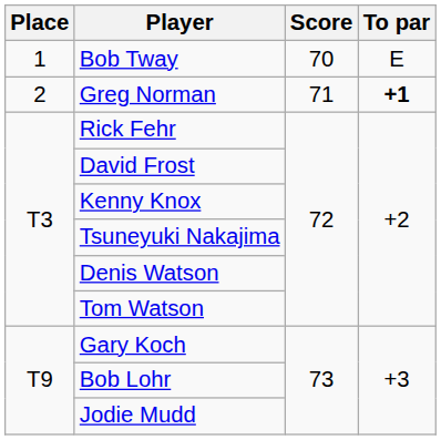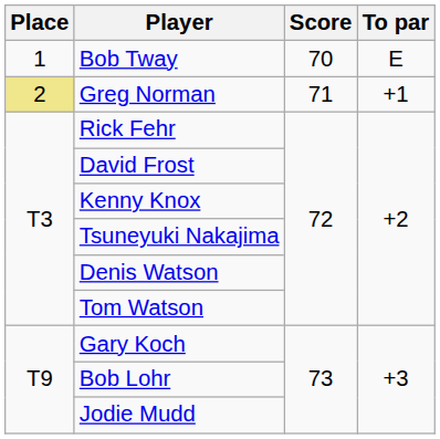 <table class="wikitable">
 <tr>
 <th>Place</th>
 <th>Player</th>
 <th>Score</th>
 <th>To par</th>
 </tr>
 <tr>
 <td align=center>1</td>
 <td> <a href='#'>Bob Tway</a></td>
 <td align=center>70</td>
 <td align=center>E</td>
 </tr>
 <tr>
-<td align=center>2</td>
+<td align=center style="background: khaki;">2</td>
 <td> <a href='#'>Greg Norman</a></td>
 <td align=center>71</td>
-<td align=center><strong>+1</strong></td>
+<td align=center>+1</td>
 </tr>
 <tr>
 <td rowspan="6" align=center>T3</td>
 <td> <a href='#'>Rick Fehr</a></td>
 <td rowspan="6" align=center>72</td>
 <td rowspan="6" align=center>+2</td>
 </tr>
 <tr>
 <td> <a href='#'>David Frost</a></td>
 </tr>
 <tr>
 <td> <a href='#'>Kenny Knox</a></td>
 </tr>
 <tr>
 <td> <a href='#'>Tsuneyuki Nakajima</a></td>
 </tr>
 <tr>
 <td> <a href='#'>Denis Watson</a></td>
 </tr>
 <tr>
 <td> <a href='#'>Tom Watson</a></td>
 </tr>
 <tr>
 <td rowspan="3" align=center>T9</td>
 <td> <a href='#'>Gary Koch</a></td>
 <td rowspan="3" align=center>73</td>
 <td rowspan="3" align=center>+3</td>
 </tr>
 <tr>
 <td> <a href='#'>Bob Lohr</a></td>
 </tr>
 <tr>
 <td> <a href='#'>Jodie Mudd</a></td>
 </tr>
 </table>
